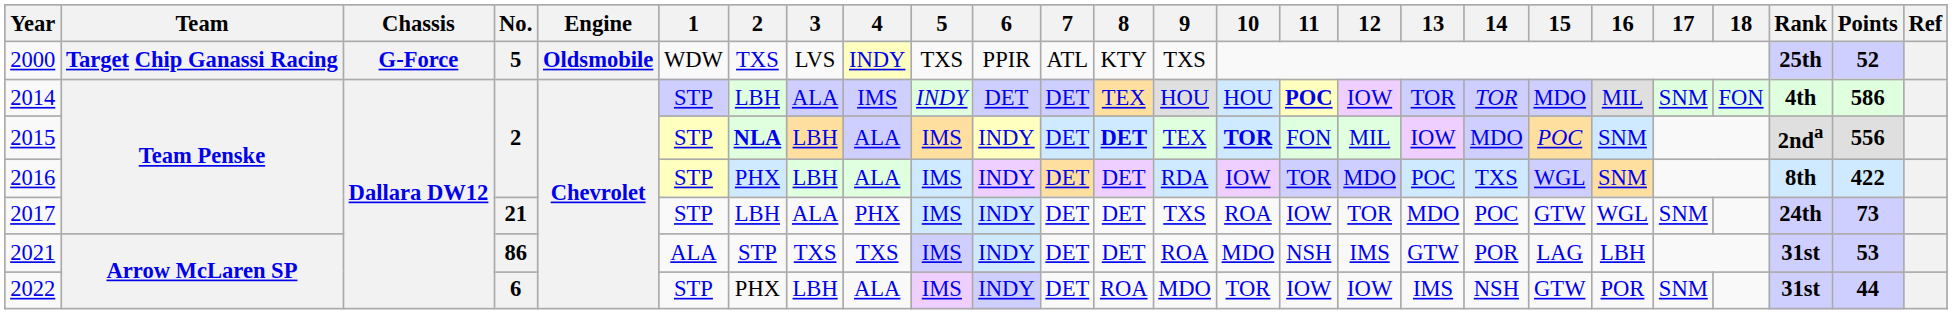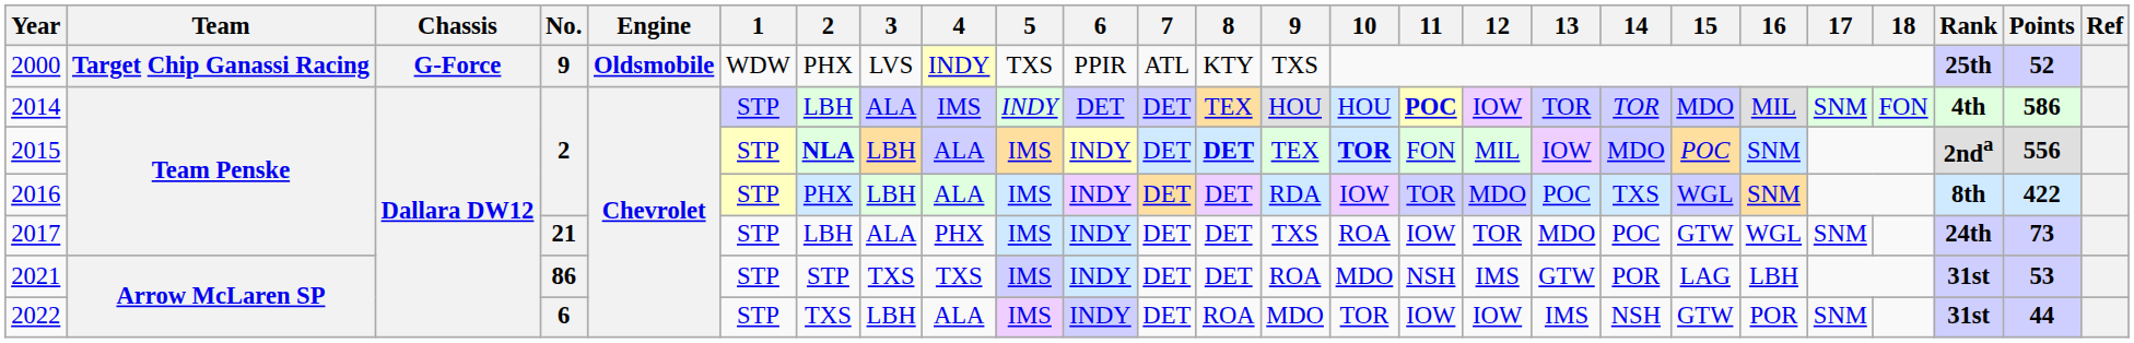 <table class="wikitable" style="text-align:center; font-size:85%">
 <tr>
 <th>Year</th>
 <th>Team</th>
 <th>Chassis</th>
 <th>No.</th>
 <th>Engine</th>
 <th>1</th>
 <th>2</th>
 <th>3</th>
 <th>4</th>
 <th>5</th>
 <th>6</th>
 <th>7</th>
 <th>8</th>
 <th>9</th>
 <th>10</th>
 <th>11</th>
 <th>12</th>
 <th>13</th>
 <th>14</th>
 <th>15</th>
 <th>16</th>
 <th>17</th>
 <th>18</th>
 <th>Rank</th>
 <th>Points</th>
 <th>Ref</th>
 </tr>
 <tr>
 <td><a href='#'>2000</a></td>
 <th nowrap><a href='#'>Target</a> <a href='#'>Chip Ganassi Racing</a></th>
 <th nowrap><a href='#'>G-Force</a></th>
-<th>5</th>
+<th>9</th>
 <th nowrap><a href='#'>Oldsmobile</a></th>
 <td>WDW</td>
-<td><a href='#'>TXS</a></td>
+<td>PHX</td>
 <td>LVS</td>
 <td style="background:#FFFFBF;"><a href='#'>INDY</a><br></td>
 <td>TXS</td>
 <td>PPIR</td>
 <td>ATL</td>
 <td>KTY</td>
 <td>TXS</td>
 <td colspan=9></td>
 <th style="background:#CFCFFF;">25th</th>
 <th style="background:#CFCFFF;">52</th>
 <th></th>
 </tr>
 <tr>
 <td><a href='#'>2014</a></td>
 <th rowspan=4 nowrap><a href='#'>Team Penske</a></th>
 <th rowspan=6 nowrap><a href='#'>Dallara DW12</a></th>
 <th rowspan=3>2</th>
 <th rowspan=6 nowrap><a href='#'>Chevrolet</a></th>
 <td style="background:#CFCFFF;"><a href='#'>STP</a><br></td>
 <td style="background:#DFFFDF;"><a href='#'>LBH</a><br></td>
 <td style="background:#CFCFFF;"><a href='#'>ALA</a><br></td>
 <td style="background:#CFCFFF;"><a href='#'>IMS</a><br></td>
 <td style="background:#DFFFDF;"><em><a href='#'>INDY</a></em><br></td>
 <td style="background:#CFCFFF;"><a href='#'>DET</a><br></td>
 <td style="background:#CFCFFF;"><a href='#'>DET</a><br></td>
 <td style="background:#FFDF9F;"><a href='#'>TEX</a><br></td>
 <td style="background:#DFDFDF;"><a href='#'>HOU</a><br></td>
 <td style="background:#CFEAFF;"><a href='#'>HOU</a><br></td>
 <td style="background:#FFFFBF;"><strong><a href='#'>POC</a></strong><br></td>
 <td style="background:#EFCFFF;"><a href='#'>IOW</a><br></td>
 <td style="background:#CFCFFF;"><a href='#'>TOR</a><br></td>
 <td style="background:#CFCFFF;"><em><a href='#'>TOR</a></em><br></td>
 <td style="background:#CFCFFF;"><a href='#'>MDO</a><br></td>
 <td style="background:#DFDFDF;"><a href='#'>MIL</a><br></td>
 <td style="background:#DFFFDF;"><a href='#'>SNM</a><br></td>
 <td style="background:#DFFFDF;"><a href='#'>FON</a><br></td>
 <th style="background:#DFFFDF;">4th</th>
 <th style="background:#DFFFDF;">586</th>
 <th></th>
 </tr>
 <tr>
 <td><a href='#'>2015</a></td>
 <td style="background:#FFFFBF;"><a href='#'>STP</a><br></td>
 <td style="background:#DFFFDF;"><strong><a href='#'>NLA</a></strong><br></td>
 <td style="background:#FFDF9F;"><a href='#'>LBH</a><br></td>
 <td style="background:#CFCFFF;"><a href='#'>ALA</a><br></td>
 <td style="background:#FFDF9F;"><a href='#'>IMS</a><br></td>
 <td style="background:#FFFFBF;"><a href='#'>INDY</a><br></td>
 <td style="background:#CFEAFF;"><a href='#'>DET</a><br></td>
 <td style="background:#CFEAFF;"><strong><a href='#'>DET</a></strong><br></td>
 <td style="background:#DFFFDF;"><a href='#'>TEX</a><br></td>
 <td style="background:#CFEAFF;"><strong><a href='#'>TOR</a><br></strong></td>
 <td style="background:#DFFFDF;"><a href='#'>FON</a><br></td>
 <td style="background:#DFFFDF;"><a href='#'>MIL</a><br></td>
 <td style="background:#EFCFFF;"><a href='#'>IOW</a><br></td>
 <td style="background:#CFCFFF;"><a href='#'>MDO</a><br></td>
 <td style="background:#FFDF9F;"><em><a href='#'>POC</a></em><br></td>
 <td style="background:#CFEAFF;"><a href='#'>SNM</a><br></td>
 <td colspan=2></td>
 <th style="background:#DFDFDF;">2nd<sup>a</sup></th>
 <th style="background:#DFDFDF;">556</th>
 <th></th>
 </tr>
 <tr>
 <td><a href='#'>2016</a></td>
 <td style="background:#FFFFBF;"><a href='#'>STP</a><br></td>
 <td style="background:#CFEAFF;"><a href='#'>PHX</a><br></td>
 <td style="background:#DFFFDF;"><a href='#'>LBH</a><br></td>
 <td style="background:#DFFFDF;"><a href='#'>ALA</a><br></td>
 <td style="background:#CFEAFF;"><a href='#'>IMS</a><br></td>
 <td style="background:#EFCFFF;"><a href='#'>INDY</a><br></td>
 <td style="background:#FFDF9F;"><a href='#'>DET</a><br></td>
 <td style="background:#EFCFFF;"><a href='#'>DET</a><br></td>
 <td style="background:#CFEAFF;"><a href='#'>RDA</a><br></td>
 <td style="background:#EFCFFF;"><a href='#'>IOW</a><br></td>
 <td style="background:#CFCFFF;"><a href='#'>TOR</a><br></td>
 <td style="background:#CFCFFF;"><a href='#'>MDO</a><br></td>
 <td style="background:#CFEAFF;"><a href='#'>POC</a><br></td>
 <td style="background:#CFEAFF;"><a href='#'>TXS</a><br></td>
 <td style="background:#CFCFFF;"><a href='#'>WGL</a><br></td>
 <td style="background:#FFDF9F;"><a href='#'>SNM</a><br></td>
 <td colspan=2></td>
 <th style="background:#CFEAFF;">8th</th>
 <th style="background:#CFEAFF;">422</th>
 <th></th>
 </tr>
 <tr>
 <td><a href='#'>2017</a></td>
 <th>21</th>
 <td><a href='#'>STP</a></td>
 <td><a href='#'>LBH</a></td>
 <td><a href='#'>ALA</a></td>
 <td><a href='#'>PHX</a></td>
 <td style="background:#CFEAFF;"><a href='#'>IMS</a><br></td>
 <td style="background:#CFEAFF;"><a href='#'>INDY</a><br></td>
 <td><a href='#'>DET</a></td>
 <td><a href='#'>DET</a></td>
 <td><a href='#'>TXS</a></td>
 <td><a href='#'>ROA</a></td>
 <td><a href='#'>IOW</a></td>
 <td><a href='#'>TOR</a></td>
 <td><a href='#'>MDO</a></td>
 <td><a href='#'>POC</a></td>
 <td><a href='#'>GTW</a></td>
 <td><a href='#'>WGL</a></td>
 <td><a href='#'>SNM</a></td>
 <td></td>
 <th style="background:#CFCFFF;">24th</th>
 <th style="background:#CFCFFF;">73</th>
 <th></th>
 </tr>
 <tr>
 <td><a href='#'>2021</a></td>
 <th rowspan=2 nowrap><a href='#'>Arrow McLaren SP</a></th>
 <th>86</th>
-<td><a href='#'>ALA</a></td>
+<td><a href='#'>STP</a></td>
 <td><a href='#'>STP</a></td>
 <td><a href='#'>TXS</a></td>
 <td><a href='#'>TXS</a></td>
 <td style="background:#CFCFFF;"><a href='#'>IMS</a><br></td>
 <td style="background:#CFEAFF;"><a href='#'>INDY</a><br></td>
 <td><a href='#'>DET</a></td>
 <td><a href='#'>DET</a></td>
 <td><a href='#'>ROA</a></td>
 <td><a href='#'>MDO</a></td>
 <td><a href='#'>NSH</a></td>
 <td><a href='#'>IMS</a></td>
 <td><a href='#'>GTW</a></td>
 <td><a href='#'>POR</a></td>
 <td><a href='#'>LAG</a></td>
 <td><a href='#'>LBH</a></td>
 <td colspan=2></td>
 <th style="background:#CFCFFF;">31st</th>
 <th style="background:#CFCFFF;">53</th>
 <th></th>
 </tr>
 <tr>
 <td><a href='#'>2022</a></td>
 <th>6</th>
 <td><a href='#'>STP</a></td>
-<td>PHX</td>
+<td><a href='#'>TXS</a></td>
 <td><a href='#'>LBH</a></td>
 <td><a href='#'>ALA</a></td>
 <td style="background:#EFCFFF;"><a href='#'>IMS</a><br></td>
 <td style="background:#CFCFFF;"><a href='#'>INDY</a><br></td>
 <td><a href='#'>DET</a></td>
 <td><a href='#'>ROA</a></td>
 <td><a href='#'>MDO</a></td>
 <td><a href='#'>TOR</a></td>
 <td><a href='#'>IOW</a></td>
 <td><a href='#'>IOW</a></td>
 <td><a href='#'>IMS</a></td>
 <td><a href='#'>NSH</a></td>
 <td><a href='#'>GTW</a></td>
 <td><a href='#'>POR</a></td>
 <td><a href='#'>SNM</a></td>
 <td></td>
 <th style="background:#CFCFFF;">31st</th>
 <th style="background:#CFCFFF;">44</th>
 <th></th>
 </tr>
 </table>
